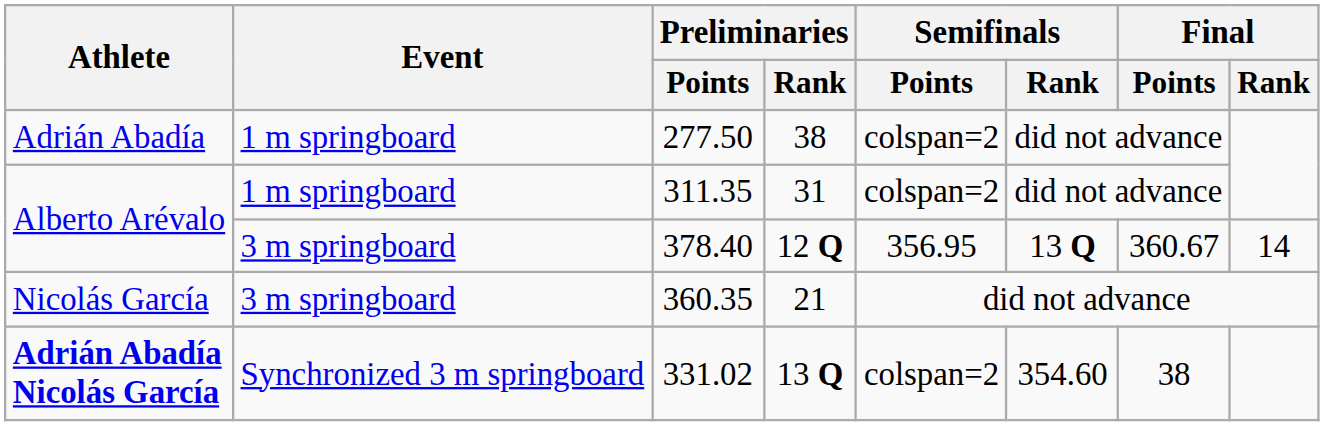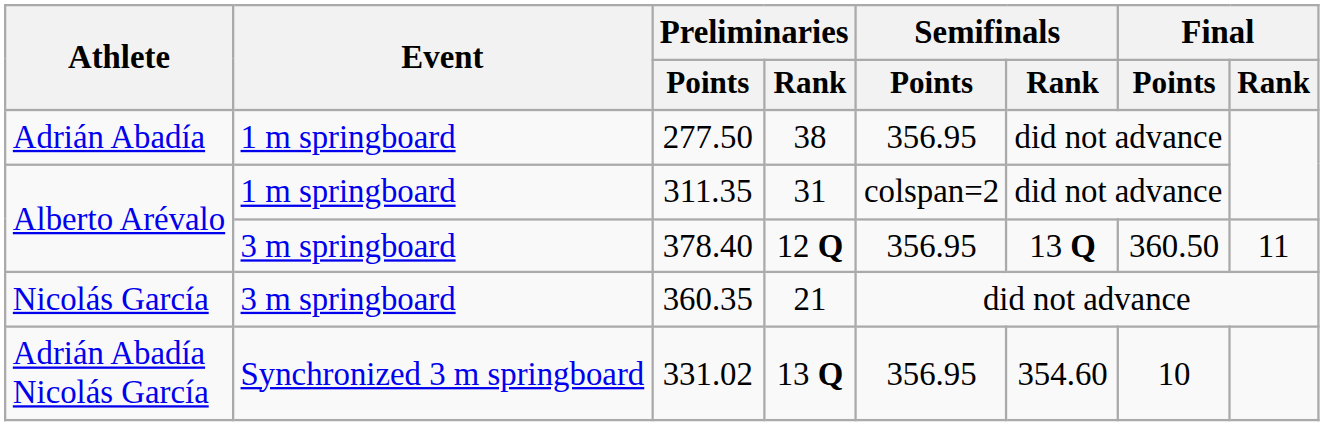 <table class="wikitable" style="text-align:center; font-size:90%">
 <tr>
 <th rowspan="2">Athlete</th>
 <th rowspan="2">Event</th>
 <th colspan="2">Preliminaries</th>
 <th colspan="2">Semifinals</th>
 <th colspan="2">Final</th>
 </tr>
 <tr style="font-size:95%">
 <th>Points</th>
 <th>Rank</th>
 <th>Points</th>
 <th>Rank</th>
 <th>Points</th>
 <th>Rank</th>
 </tr>
 <tr>
 <td align=left><a href='#'>Adrián Abadía</a></td>
 <td align=left><a href='#'>1 m springboard</a></td>
 <td>277.50</td>
 <td>38</td>
-<td>colspan=2 </td>
+<td>356.95</td>
 <td colspan=2>did not advance</td>
 </tr>
 <tr>
 <td align=left rowspan=2><a href='#'>Alberto Arévalo</a></td>
 <td align=left><a href='#'>1 m springboard</a></td>
 <td>311.35</td>
 <td>31</td>
 <td>colspan=2 </td>
 <td colspan=2>did not advance</td>
 </tr>
 <tr>
 <td align=left><a href='#'>3 m springboard</a></td>
 <td>378.40</td>
 <td>12 <strong>Q</strong></td>
 <td>356.95</td>
 <td>13 <strong>Q</strong></td>
-<td>360.67</td>
-<td>14</td>
+<td>360.50</td>
+<td>11</td>
 </tr>
 <tr>
 <td align=left><a href='#'>Nicolás García</a></td>
 <td align=left><a href='#'>3 m springboard</a></td>
 <td>360.35</td>
 <td>21</td>
 <td colspan=4>did not advance</td>
 </tr>
 <tr>
-<td align=left><strong><a href='#'>Adrián Abadía</a><br><a href='#'>Nicolás García</a></strong></td>
+<td align=left><a href='#'>Adrián Abadía</a><br><a href='#'>Nicolás García</a></td>
 <td align=left><a href='#'>Synchronized 3 m springboard</a></td>
 <td>331.02</td>
 <td>13 <strong>Q</strong></td>
-<td>colspan=2 </td>
+<td>356.95</td>
 <td>354.60</td>
-<td>38</td>
+<td>10</td>
 </tr>
 </table>
